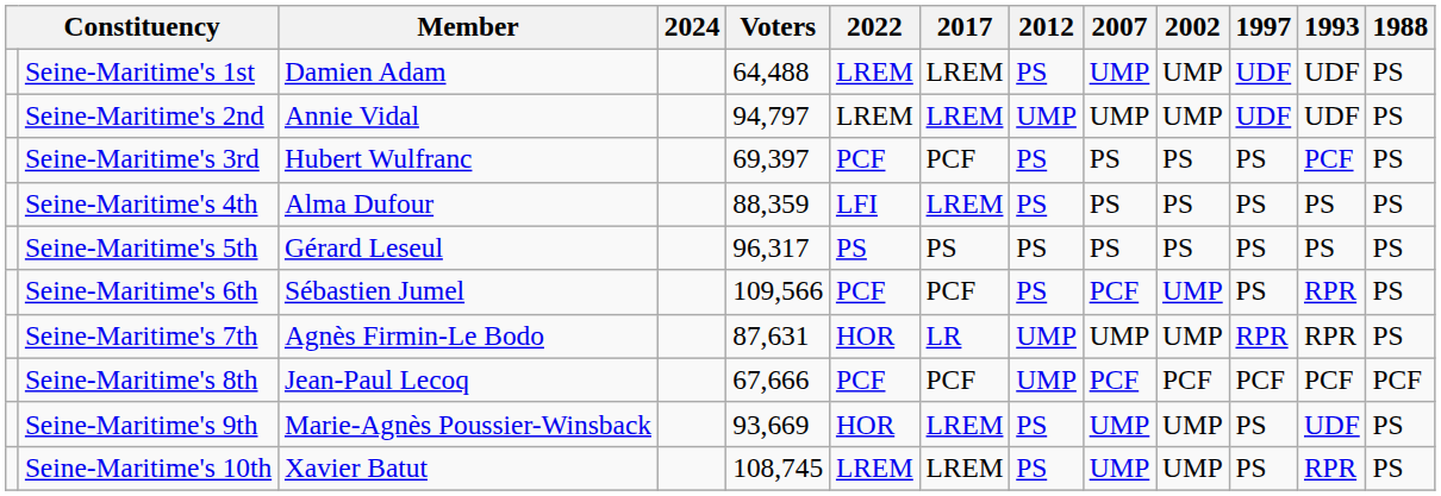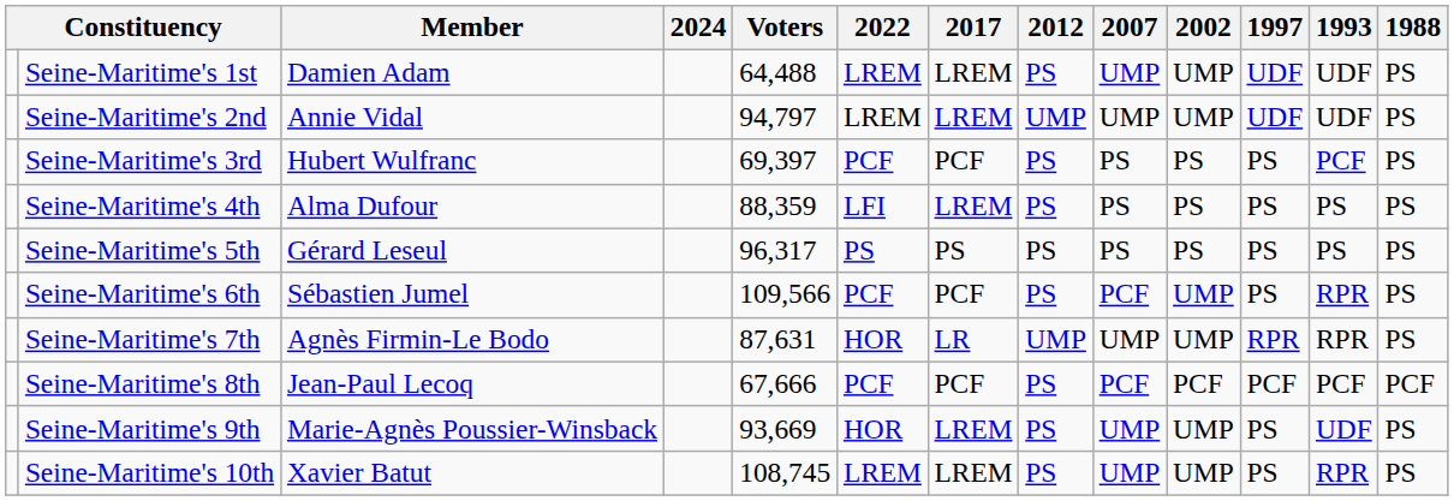 <table class="wikitable sortable">
 <tr>
 <th colspan="2">Constituency</th>
 <th>Member</th>
 <th>2024</th>
 <th>Voters</th>
 <th>2022</th>
 <th>2017</th>
 <th>2012</th>
 <th>2007</th>
 <th>2002</th>
 <th>1997</th>
 <th>1993</th>
 <th>1988</th>
 </tr>
 <tr>
 <td style="background-color: "></td>
 <td><a href='#'>Seine-Maritime's 1st</a></td>
 <td><a href='#'>Damien Adam</a></td>
 <td></td>
 <td>64,488</td>
 <td><a href='#'>LREM</a></td>
 <td>LREM</td>
 <td><a href='#'>PS</a></td>
 <td><a href='#'>UMP</a></td>
 <td>UMP</td>
 <td><a href='#'>UDF</a></td>
 <td>UDF</td>
 <td>PS</td>
 </tr>
 <tr>
 <td style="background-color: "></td>
 <td><a href='#'>Seine-Maritime's 2nd</a></td>
 <td><a href='#'>Annie Vidal</a></td>
 <td></td>
 <td>94,797</td>
 <td>LREM</td>
 <td><a href='#'>LREM</a></td>
 <td><a href='#'>UMP</a></td>
 <td>UMP</td>
 <td>UMP</td>
 <td><a href='#'>UDF</a></td>
 <td>UDF</td>
 <td>PS</td>
 </tr>
 <tr>
 <td style="background-color: "></td>
 <td><a href='#'>Seine-Maritime's 3rd</a></td>
 <td><a href='#'>Hubert Wulfranc</a></td>
 <td></td>
 <td>69,397</td>
 <td><a href='#'>PCF</a></td>
 <td>PCF</td>
 <td><a href='#'>PS</a></td>
 <td>PS</td>
 <td>PS</td>
 <td>PS</td>
 <td><a href='#'>PCF</a></td>
 <td>PS</td>
 </tr>
 <tr>
 <td style="background-color: "></td>
 <td><a href='#'>Seine-Maritime's 4th</a></td>
 <td><a href='#'>Alma Dufour</a></td>
 <td></td>
 <td>88,359</td>
 <td><a href='#'>LFI</a></td>
 <td><a href='#'>LREM</a></td>
 <td><a href='#'>PS</a></td>
 <td>PS</td>
 <td>PS</td>
 <td>PS</td>
 <td>PS</td>
 <td>PS</td>
 </tr>
 <tr>
 <td style="background-color: "></td>
 <td><a href='#'>Seine-Maritime's 5th</a></td>
 <td><a href='#'>Gérard Leseul</a></td>
 <td></td>
 <td>96,317</td>
 <td><a href='#'>PS</a></td>
 <td>PS</td>
 <td>PS</td>
 <td>PS</td>
 <td>PS</td>
 <td>PS</td>
 <td>PS</td>
 <td>PS</td>
 </tr>
 <tr>
 <td style="background-color: "></td>
 <td><a href='#'>Seine-Maritime's 6th</a></td>
 <td><a href='#'>Sébastien Jumel</a></td>
 <td></td>
 <td>109,566</td>
 <td><a href='#'>PCF</a></td>
 <td>PCF</td>
 <td><a href='#'>PS</a></td>
 <td><a href='#'>PCF</a></td>
 <td><a href='#'>UMP</a></td>
 <td>PS</td>
 <td><a href='#'>RPR</a></td>
 <td>PS</td>
 </tr>
 <tr>
 <td style="background-color: "></td>
 <td><a href='#'>Seine-Maritime's 7th</a></td>
 <td><a href='#'>Agnès Firmin-Le Bodo</a></td>
 <td></td>
 <td>87,631</td>
 <td><a href='#'>HOR</a></td>
 <td><a href='#'>LR</a></td>
 <td><a href='#'>UMP</a></td>
 <td>UMP</td>
 <td>UMP</td>
 <td><a href='#'>RPR</a></td>
 <td>RPR</td>
 <td>PS</td>
 </tr>
 <tr>
 <td style="background-color: "></td>
 <td><a href='#'>Seine-Maritime's 8th</a></td>
 <td><a href='#'>Jean-Paul Lecoq</a></td>
 <td></td>
 <td>67,666</td>
 <td><a href='#'>PCF</a></td>
 <td>PCF</td>
-<td><a href='#'>UMP</a></td>
+<td><a href='#'>PS</a></td>
 <td><a href='#'>PCF</a></td>
 <td>PCF</td>
 <td>PCF</td>
 <td>PCF</td>
 <td>PCF</td>
 </tr>
 <tr>
 <td style="background-color: "></td>
 <td><a href='#'>Seine-Maritime's 9th</a></td>
 <td><a href='#'>Marie-Agnès Poussier-Winsback</a></td>
 <td></td>
 <td>93,669</td>
 <td><a href='#'>HOR</a></td>
 <td><a href='#'>LREM</a></td>
 <td><a href='#'>PS</a></td>
 <td><a href='#'>UMP</a></td>
 <td>UMP</td>
 <td>PS</td>
 <td><a href='#'>UDF</a></td>
 <td>PS</td>
 </tr>
 <tr>
 <td style="background-color: "></td>
 <td><a href='#'>Seine-Maritime's 10th</a></td>
 <td><a href='#'>Xavier Batut</a></td>
 <td></td>
 <td>108,745</td>
 <td><a href='#'>LREM</a></td>
 <td>LREM</td>
 <td><a href='#'>PS</a></td>
 <td><a href='#'>UMP</a></td>
 <td>UMP</td>
 <td>PS</td>
 <td><a href='#'>RPR</a></td>
 <td>PS</td>
 </tr>
 </table>
